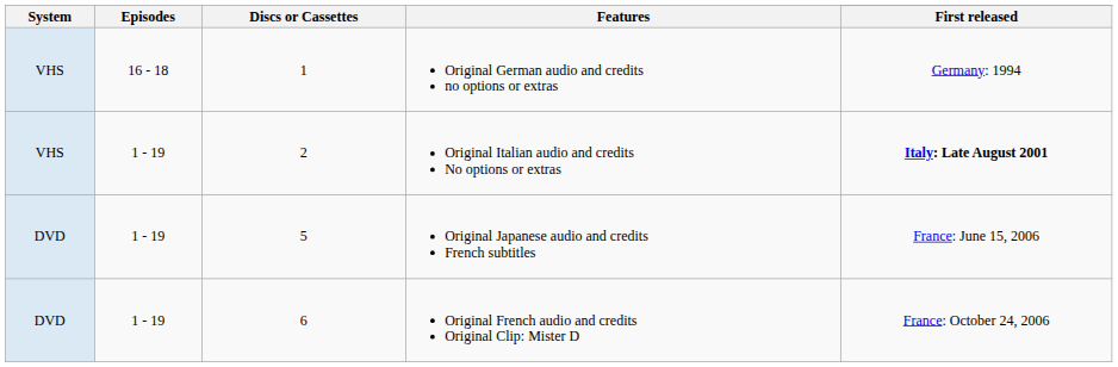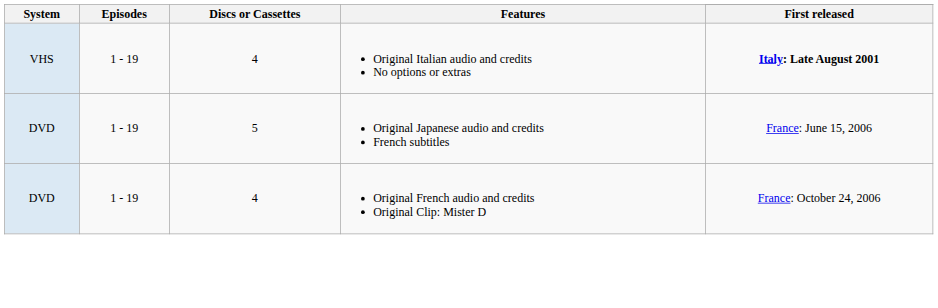 <table class="wikitable" style="width:98%;">
 <tr>
 <th rowspan="2">System</th>
 <th rowspan="2">Episodes</th>
 <th rowspan="2">Discs or Cassettes</th>
 <th rowspan="2">Features</th>
 </tr>
 <tr>
 <th>First released</th>
 </tr>
 <tr>
 <td style="text-align:center; background:#dbe9f4;">VHS</td>
-<td style="text-align:center;">16 - 18</td>
-<td style="text-align:center;">1</td>
-<td><br><ul><li>Original German audio and credits</li><li>no options or extras</li></ul></td>
-<td style="text-align:center;"><a href='#'>Germany</a>: 1994</td>
-</tr>
-<tr>
-<td style="text-align:center; background:#dbe9f4;">VHS</td>
 <td style="text-align:center;">1 - 19</td>
-<td style="text-align:center;">2</td>
+<td style="text-align:center;">4</td>
 <td><br><ul><li>Original Italian audio and credits</li><li>No options or extras</li></ul></td>
 <td style="text-align:center;"><strong><a href='#'>Italy</a>: Late August 2001</strong></td>
 </tr>
 <tr>
 <td style="text-align:center; background:#dbe9f4;">DVD</td>
 <td style="text-align:center;">1 - 19</td>
 <td style="text-align:center;">5</td>
 <td><br><ul><li>Original Japanese audio and credits</li><li>French subtitles</li></ul></td>
 <td style="text-align:center;"><a href='#'>France</a>: June 15, 2006</td>
 </tr>
 <tr>
 <td style="text-align:center; background:#dbe9f4;">DVD</td>
 <td style="text-align:center;">1 - 19</td>
-<td style="text-align:center;">6</td>
+<td style="text-align:center;">4</td>
 <td><br><ul><li>Original French audio and credits</li><li>Original Clip: Mister D</li></ul></td>
 <td style="text-align:center;"><a href='#'>France</a>: October 24, 2006</td>
 </tr>
 </table>
